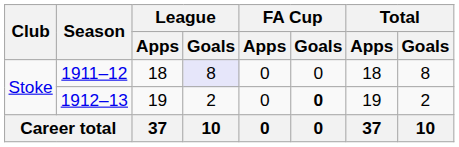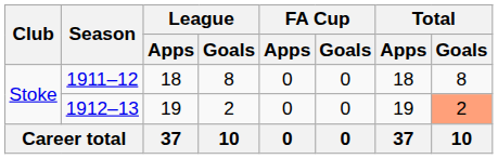 <table class="wikitable" style="text-align: center;">
 <tr>
 <th rowspan="2">Club</th>
 <th rowspan="2">Season</th>
 <th colspan="2">League</th>
 <th colspan="2">FA Cup</th>
 <th colspan="2">Total</th>
 </tr>
 <tr>
 <th>Apps</th>
 <th>Goals</th>
 <th>Apps</th>
 <th>Goals</th>
 <th>Apps</th>
 <th>Goals</th>
 </tr>
 <tr>
 <td rowspan="2"><a href='#'>Stoke</a></td>
 <td><a href='#'>1911–12</a></td>
 <td>18</td>
-<td style="background: lavender;">8</td>
+<td>8</td>
 <td>0</td>
 <td>0</td>
 <td>18</td>
 <td>8</td>
 </tr>
 <tr>
 <td><a href='#'>1912–13</a></td>
 <td>19</td>
 <td>2</td>
 <td>0</td>
-<td><strong>0</strong></td>
+<td>0</td>
 <td>19</td>
-<td>2</td>
+<td style="background: lightsalmon;">2</td>
 </tr>
 <tr>
 <th colspan="2">Career total</th>
 <th>37</th>
 <th>10</th>
 <th>0</th>
 <th>0</th>
 <th>37</th>
 <th>10</th>
 </tr>
 </table>
